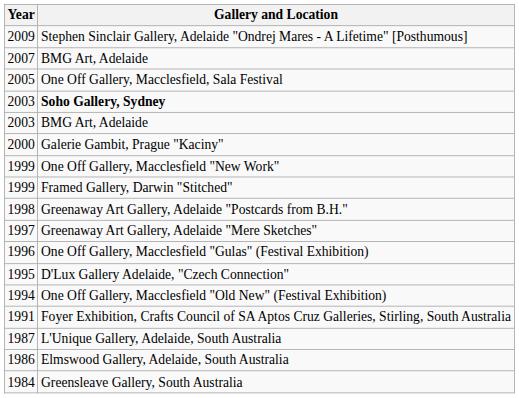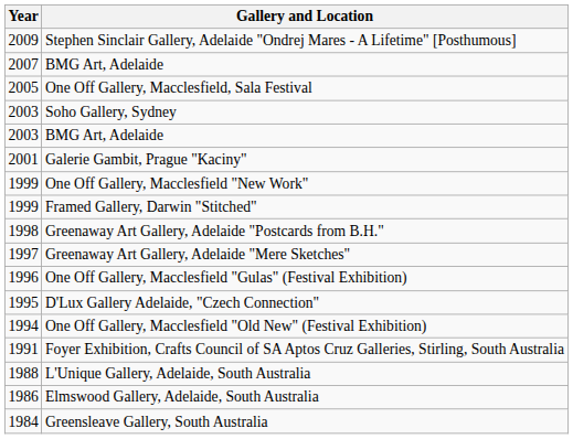 <table class="wikitable">
 <tr>
 <th>Year</th>
 <th>Gallery and Location</th>
 </tr>
 <tr>
 <td>2009</td>
 <td>Stephen Sinclair Gallery, Adelaide "Ondrej Mares - A Lifetime" [Posthumous]</td>
 </tr>
 <tr>
 <td>2007</td>
 <td>BMG Art, Adelaide</td>
 </tr>
 <tr>
 <td>2005</td>
 <td>One Off Gallery, Macclesfield, Sala Festival</td>
 </tr>
 <tr>
 <td>2003</td>
-<td><strong>Soho Gallery, Sydney</strong></td>
+<td>Soho Gallery, Sydney</td>
 </tr>
 <tr>
 <td>2003</td>
 <td>BMG Art, Adelaide</td>
 </tr>
 <tr>
-<td>2000</td>
+<td>2001</td>
 <td>Galerie Gambit, Prague "Kaciny"</td>
 </tr>
 <tr>
 <td>1999</td>
 <td>One Off Gallery, Macclesfield "New Work"</td>
 </tr>
 <tr>
 <td>1999</td>
 <td>Framed Gallery, Darwin "Stitched"</td>
 </tr>
 <tr>
 <td>1998</td>
 <td>Greenaway Art Gallery, Adelaide "Postcards from B.H."</td>
 </tr>
 <tr>
 <td>1997</td>
 <td>Greenaway Art Gallery, Adelaide "Mere Sketches"</td>
 </tr>
 <tr>
 <td>1996</td>
 <td>One Off Gallery, Macclesfield "Gulas" (Festival Exhibition)</td>
 </tr>
 <tr>
 <td>1995</td>
 <td>D'Lux Gallery Adelaide, "Czech Connection"</td>
 </tr>
 <tr>
 <td>1994</td>
 <td>One Off Gallery, Macclesfield "Old New" (Festival Exhibition)</td>
 </tr>
 <tr>
 <td>1991</td>
 <td>Foyer Exhibition, Crafts Council of SA Aptos Cruz Galleries, Stirling, South Australia</td>
 </tr>
 <tr>
-<td>1987</td>
+<td>1988</td>
 <td>L'Unique Gallery, Adelaide, South Australia</td>
 </tr>
 <tr>
 <td>1986</td>
 <td>Elmswood Gallery, Adelaide, South Australia</td>
 </tr>
 <tr>
 <td>1984</td>
 <td>Greensleave Gallery, South Australia</td>
 </tr>
 </table>
